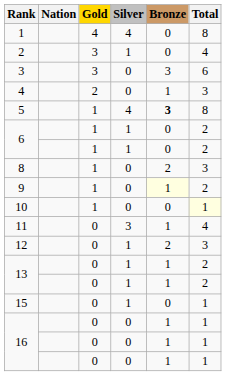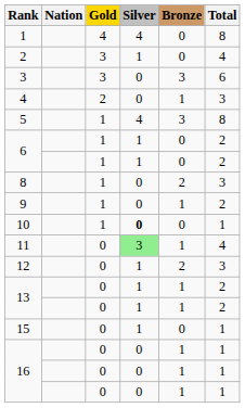 <table class="wikitable sortable" style="text-align:center">
 <tr>
 <th>Rank</th>
 <th>Nation</th>
 <th style="background-color:gold">Gold</th>
 <th style="background-color:silver">Silver</th>
 <th style="background-color:#cc9966">Bronze</th>
 <th>Total</th>
 </tr>
 <tr>
 <td>1</td>
 <td align=left></td>
 <td>4</td>
 <td>4</td>
 <td>0</td>
 <td>8</td>
 </tr>
 <tr>
 <td>2</td>
 <td align=left></td>
 <td>3</td>
 <td>1</td>
 <td>0</td>
 <td>4</td>
 </tr>
 <tr>
 <td>3</td>
 <td align=left></td>
 <td>3</td>
 <td>0</td>
 <td>3</td>
 <td>6</td>
 </tr>
 <tr>
 <td>4</td>
 <td align=left></td>
 <td>2</td>
 <td>0</td>
 <td>1</td>
 <td>3</td>
 </tr>
 <tr>
 <td>5</td>
 <td align=left></td>
 <td>1</td>
 <td>4</td>
-<td><strong>3</strong></td>
+<td>3</td>
 <td>8</td>
 </tr>
 <tr>
 <td rowspan=2>6</td>
 <td align=left></td>
 <td>1</td>
 <td>1</td>
 <td>0</td>
 <td>2</td>
 </tr>
 <tr>
 <td align=left></td>
 <td>1</td>
 <td>1</td>
 <td>0</td>
 <td>2</td>
 </tr>
 <tr>
 <td>8</td>
 <td align=left></td>
 <td>1</td>
 <td>0</td>
 <td>2</td>
 <td>3</td>
 </tr>
 <tr>
 <td>9</td>
 <td align=left></td>
 <td>1</td>
 <td>0</td>
-<td style="background: lightyellow;">1</td>
+<td>1</td>
 <td>2</td>
 </tr>
 <tr>
 <td>10</td>
 <td align=left></td>
 <td>1</td>
+<td><strong>0</strong></td>
 <td>0</td>
-<td>0</td>
-<td style="background: lightyellow;">1</td>
+<td>1</td>
 </tr>
 <tr>
 <td>11</td>
 <td align=left></td>
 <td>0</td>
-<td>3</td>
+<td style="background: lightgreen;">3</td>
 <td>1</td>
 <td>4</td>
 </tr>
 <tr>
 <td>12</td>
 <td align=left></td>
 <td>0</td>
 <td>1</td>
 <td>2</td>
 <td>3</td>
 </tr>
 <tr>
 <td rowspan=2>13</td>
 <td align=left></td>
 <td>0</td>
 <td>1</td>
 <td>1</td>
 <td>2</td>
 </tr>
 <tr>
 <td align=left></td>
 <td>0</td>
 <td>1</td>
 <td>1</td>
 <td>2</td>
 </tr>
 <tr>
 <td>15</td>
 <td align=left></td>
 <td>0</td>
 <td>1</td>
 <td>0</td>
 <td>1</td>
 </tr>
 <tr>
 <td rowspan=3>16</td>
 <td align=left></td>
 <td>0</td>
 <td>0</td>
 <td>1</td>
 <td>1</td>
 </tr>
 <tr>
 <td align=left></td>
 <td>0</td>
 <td>0</td>
 <td>1</td>
 <td>1</td>
 </tr>
 <tr>
 <td align=left></td>
 <td>0</td>
 <td>0</td>
 <td>1</td>
 <td>1</td>
 </tr>
 </table>
